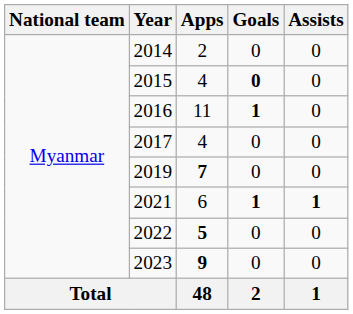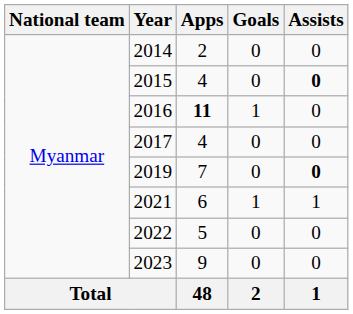 <table class=wikitable style=text-align:center>
 <tr>
 <th>National team</th>
 <th>Year</th>
 <th>Apps</th>
 <th>Goals</th>
 <th>Assists</th>
 </tr>
 <tr>
 <td rowspan=8><a href='#'>Myanmar</a></td>
 <td>2014</td>
 <td>2</td>
 <td>0</td>
 <td>0</td>
 </tr>
 <tr>
 <td>2015</td>
 <td>4</td>
+<td>0</td>
 <td><strong>0</strong></td>
-<td>0</td>
 </tr>
 <tr>
 <td>2016</td>
-<td>11</td>
-<td><strong>1</strong></td>
+<td><strong>11</strong></td>
+<td>1</td>
 <td>0</td>
 </tr>
 <tr>
 <td>2017</td>
 <td>4</td>
 <td>0</td>
 <td>0</td>
 </tr>
 <tr>
 <td>2019</td>
-<td><strong>7</strong></td>
+<td>7</td>
 <td>0</td>
-<td>0</td>
+<td><strong>0</strong></td>
 </tr>
 <tr>
 <td>2021</td>
 <td>6</td>
-<td><strong>1</strong></td>
-<td><strong>1</strong></td>
+<td>1</td>
+<td>1</td>
 </tr>
 <tr>
 <td>2022</td>
-<td><strong>5</strong></td>
+<td>5</td>
 <td>0</td>
 <td>0</td>
 </tr>
 <tr>
 <td>2023</td>
-<td><strong>9</strong></td>
+<td>9</td>
 <td>0</td>
 <td>0</td>
 </tr>
 <tr>
 <th colspan=2>Total</th>
 <th>48</th>
 <th>2</th>
 <th>1</th>
 </tr>
 </table>
